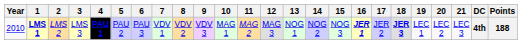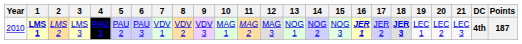 <table class="wikitable" style="text-align:center; font-size:85%">
 <tr>
 <th>Year</th>
 <th>1</th>
 <th>2</th>
 <th>3</th>
 <th>4</th>
 <th>5</th>
 <th>6</th>
 <th>7</th>
 <th>8</th>
 <th>9</th>
 <th>10</th>
 <th>11</th>
 <th>12</th>
 <th>13</th>
 <th>14</th>
 <th>15</th>
 <th>16</th>
 <th>17</th>
 <th>18</th>
 <th>19</th>
 <th>20</th>
 <th>21</th>
 <th>DC</th>
 <th>Points</th>
 </tr>
 <tr>
 <td><a href='#'>2010</a></td>
 <td style="background:#FFFFBF"><strong><a href='#'>LMS<br>1</a></strong><br></td>
 <td style="background:#FFDF9F"><em><a href='#'>LMS<br>2</a></em><br></td>
 <td style="background:#FFFFBF"><a href='#'>LMS<br>3</a><br></td>
 <td style="background:#000000;color:white"><strong><a href='#'><span>PAU<br>1</span></a><br></strong></td>
 <td style="background:#CFCFFF"><a href='#'>PAU<br>2</a><br></td>
 <td style="background:#CFCFFF"><a href='#'>PAU<br>3</a><br></td>
 <td style="background:#DFFFDF"><a href='#'>VDV<br>1</a><br></td>
 <td style="background:#FFDF9F"><a href='#'>VDV<br>2</a><br></td>
 <td style="background:#EFCFFF"><a href='#'>VDV<br>3</a><br></td>
 <td style="background:#DFFFDF"><a href='#'>MAG<br>1</a><br></td>
 <td style="background:#FFDF9F"><em><a href='#'>MAG<br>2</a></em><br></td>
 <td style="background:#DFDFDF"><a href='#'>MAG<br>3</a><br></td>
 <td style="background:#DFFFDF"><a href='#'>NOG<br>1</a><br></td>
 <td style="background:#CFCFFF"><a href='#'>NOG<br>2</a><br></td>
 <td style="background:#DFFFDF"><a href='#'>NOG<br>3</a><br></td>
 <td style="background:#FFFFBF"><strong><em><a href='#'>JER<br>1</a></em></strong><br></td>
 <td style="background:#CFCFFF"><a href='#'>JER<br>2</a><br></td>
 <td style="background:#DFDFDF"><strong><a href='#'>JER<br>3</a></strong><br></td>
 <td><a href='#'>LEC<br>1</a></td>
 <td><a href='#'>LEC<br>2</a></td>
 <td><a href='#'>LEC<br>3</a></td>
 <th>4th</th>
-<th>188</th>
+<th>187</th>
 </tr>
 </table>
